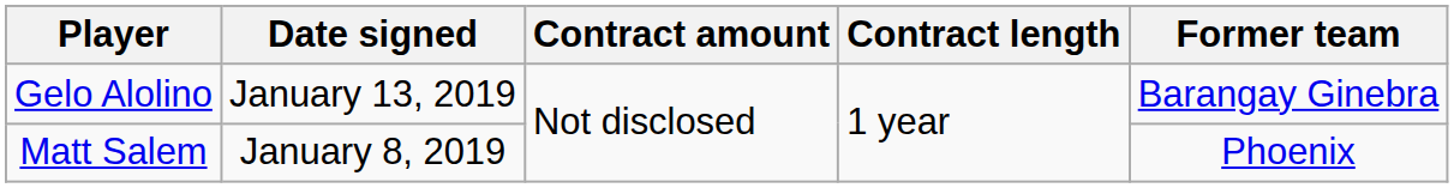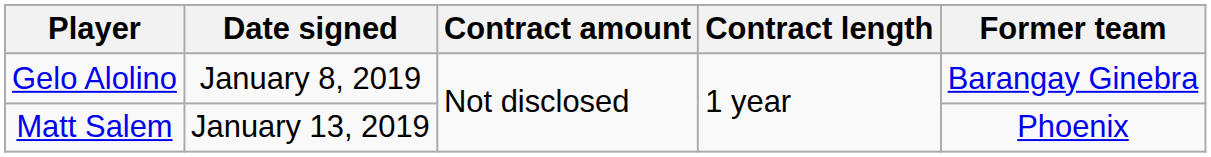 <table class="wikitable sortable sortable">
 <tr>
 <th>Player</th>
 <th>Date signed</th>
 <th>Contract amount</th>
 <th>Contract length</th>
 <th>Former team</th>
 </tr>
 <tr>
 <td align="center"><a href='#'>Gelo Alolino</a></td>
-<td align="center">January 13, 2019</td>
+<td align="center">January 8, 2019</td>
 <td rowspan="2">Not disclosed</td>
 <td rowspan="2">1 year</td>
 <td align="center"><a href='#'>Barangay Ginebra</a></td>
 </tr>
 <tr>
 <td align="center"><a href='#'>Matt Salem</a></td>
-<td align="center">January 8, 2019</td>
+<td align="center">January 13, 2019</td>
 <td align="center"><a href='#'>Phoenix</a></td>
 </tr>
 </table>
